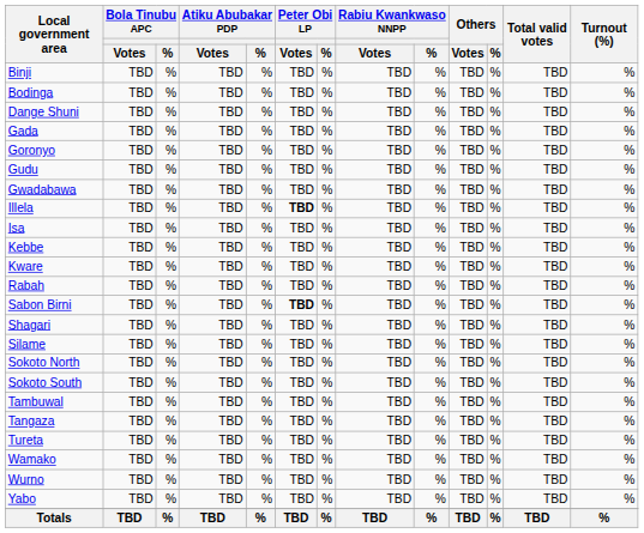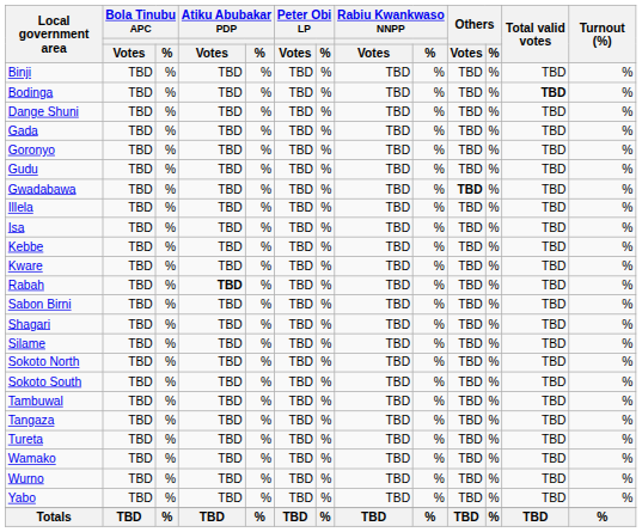 <table class="wikitable sortable" style="text-align:right; font-size:90%">
 <tr>
 <th rowspan="3" style="max-width:7.5em;">Local government area</th>
 <th colspan="2"><a href='#'>Bola Tinubu</a><br><small>APC</small></th>
 <th colspan="2"><a href='#'>Atiku Abubakar</a><br><small>PDP</small></th>
 <th colspan="2"><a href='#'>Peter Obi</a><br><small>LP</small></th>
 <th colspan="2"><a href='#'>Rabiu Kwankwaso</a><br><small>NNPP</small></th>
 <th colspan="2" rowspan="2">Others</th>
 <th rowspan="3" style="max-width:5em;">Total valid votes</th>
 <th rowspan="3" style="max-width:5em;">Turnout (%)</th>
 </tr>
 <tr>
 <th colspan=2 style="background-color:"></th>
 <th colspan=2 style="background-color:"></th>
 <th colspan=2 style="background-color:"></th>
 <th colspan=2 style="background-color:"></th>
 </tr>
 <tr>
 <th>Votes</th>
 <th>%</th>
 <th>Votes</th>
 <th>%</th>
 <th>Votes</th>
 <th>%</th>
 <th>Votes</th>
 <th>%</th>
 <th>Votes</th>
 <th>%</th>
 </tr>
 <tr style="background-color:#">
 <td style="text-align:left;"><a href='#'>Binji</a></td>
 <td>TBD</td>
 <td>%</td>
 <td>TBD</td>
 <td>%</td>
 <td>TBD</td>
 <td>%</td>
 <td>TBD</td>
 <td>%</td>
 <td>TBD</td>
 <td>%</td>
 <td>TBD</td>
 <td>%</td>
 </tr>
 <tr style="background-color:#">
 <td style="text-align:left;"><a href='#'>Bodinga</a></td>
 <td>TBD</td>
 <td>%</td>
 <td>TBD</td>
 <td>%</td>
 <td>TBD</td>
 <td>%</td>
 <td>TBD</td>
 <td>%</td>
 <td>TBD</td>
 <td>%</td>
-<td>TBD</td>
+<td><strong>TBD</strong></td>
 <td>%</td>
 </tr>
 <tr style="background-color:#">
 <td style="text-align:left;"><a href='#'>Dange Shuni</a></td>
 <td>TBD</td>
 <td>%</td>
 <td>TBD</td>
 <td>%</td>
 <td>TBD</td>
 <td>%</td>
 <td>TBD</td>
 <td>%</td>
 <td>TBD</td>
 <td>%</td>
 <td>TBD</td>
 <td>%</td>
 </tr>
 <tr style="background-color:#">
 <td style="text-align:left;"><a href='#'>Gada</a></td>
 <td>TBD</td>
 <td>%</td>
 <td>TBD</td>
 <td>%</td>
 <td>TBD</td>
 <td>%</td>
 <td>TBD</td>
 <td>%</td>
 <td>TBD</td>
 <td>%</td>
 <td>TBD</td>
 <td>%</td>
 </tr>
 <tr style="background-color:#">
 <td style="text-align:left;"><a href='#'>Goronyo</a></td>
 <td>TBD</td>
 <td>%</td>
 <td>TBD</td>
 <td>%</td>
 <td>TBD</td>
 <td>%</td>
 <td>TBD</td>
 <td>%</td>
 <td>TBD</td>
 <td>%</td>
 <td>TBD</td>
 <td>%</td>
 </tr>
 <tr style="background-color:#">
 <td style="text-align:left;"><a href='#'>Gudu</a></td>
 <td>TBD</td>
 <td>%</td>
 <td>TBD</td>
 <td>%</td>
 <td>TBD</td>
 <td>%</td>
 <td>TBD</td>
 <td>%</td>
 <td>TBD</td>
 <td>%</td>
 <td>TBD</td>
 <td>%</td>
 </tr>
 <tr style="background-color:#">
 <td style="text-align:left;"><a href='#'>Gwadabawa</a></td>
 <td>TBD</td>
 <td>%</td>
 <td>TBD</td>
 <td>%</td>
 <td>TBD</td>
 <td>%</td>
 <td>TBD</td>
 <td>%</td>
-<td>TBD</td>
+<td><strong>TBD</strong></td>
 <td>%</td>
 <td>TBD</td>
 <td>%</td>
 </tr>
 <tr style="background-color:#">
 <td style="text-align:left;"><a href='#'>Illela</a></td>
 <td>TBD</td>
 <td>%</td>
 <td>TBD</td>
 <td>%</td>
-<td><strong>TBD</strong></td>
+<td>TBD</td>
 <td>%</td>
 <td>TBD</td>
 <td>%</td>
 <td>TBD</td>
 <td>%</td>
 <td>TBD</td>
 <td>%</td>
 </tr>
 <tr style="background-color:#">
 <td style="text-align:left;"><a href='#'>Isa</a></td>
 <td>TBD</td>
 <td>%</td>
 <td>TBD</td>
 <td>%</td>
 <td>TBD</td>
 <td>%</td>
 <td>TBD</td>
 <td>%</td>
 <td>TBD</td>
 <td>%</td>
 <td>TBD</td>
 <td>%</td>
 </tr>
 <tr style="background-color:#">
 <td style="text-align:left;"><a href='#'>Kebbe</a></td>
 <td>TBD</td>
 <td>%</td>
 <td>TBD</td>
 <td>%</td>
 <td>TBD</td>
 <td>%</td>
 <td>TBD</td>
 <td>%</td>
 <td>TBD</td>
 <td>%</td>
 <td>TBD</td>
 <td>%</td>
 </tr>
 <tr style="background-color:#">
 <td style="text-align:left;"><a href='#'>Kware</a></td>
 <td>TBD</td>
 <td>%</td>
 <td>TBD</td>
 <td>%</td>
 <td>TBD</td>
 <td>%</td>
 <td>TBD</td>
 <td>%</td>
 <td>TBD</td>
 <td>%</td>
 <td>TBD</td>
 <td>%</td>
 </tr>
 <tr style="background-color:#">
 <td style="text-align:left;"><a href='#'>Rabah</a></td>
 <td>TBD</td>
 <td>%</td>
-<td>TBD</td>
+<td><strong>TBD</strong></td>
 <td>%</td>
 <td>TBD</td>
 <td>%</td>
 <td>TBD</td>
 <td>%</td>
 <td>TBD</td>
 <td>%</td>
 <td>TBD</td>
 <td>%</td>
 </tr>
 <tr style="background-color:#">
 <td style="text-align:left;"><a href='#'>Sabon Birni</a></td>
 <td>TBD</td>
 <td>%</td>
 <td>TBD</td>
 <td>%</td>
-<td><strong>TBD</strong></td>
+<td>TBD</td>
 <td>%</td>
 <td>TBD</td>
 <td>%</td>
 <td>TBD</td>
 <td>%</td>
 <td>TBD</td>
 <td>%</td>
 </tr>
 <tr style="background-color:#">
 <td style="text-align:left;"><a href='#'>Shagari</a></td>
 <td>TBD</td>
 <td>%</td>
 <td>TBD</td>
 <td>%</td>
 <td>TBD</td>
 <td>%</td>
 <td>TBD</td>
 <td>%</td>
 <td>TBD</td>
 <td>%</td>
 <td>TBD</td>
 <td>%</td>
 </tr>
 <tr style="background-color:#">
 <td style="text-align:left;"><a href='#'>Silame</a></td>
 <td>TBD</td>
 <td>%</td>
 <td>TBD</td>
 <td>%</td>
 <td>TBD</td>
 <td>%</td>
 <td>TBD</td>
 <td>%</td>
 <td>TBD</td>
 <td>%</td>
 <td>TBD</td>
 <td>%</td>
 </tr>
 <tr style="background-color:#">
 <td style="text-align:left;"><a href='#'>Sokoto North</a></td>
 <td>TBD</td>
 <td>%</td>
 <td>TBD</td>
 <td>%</td>
 <td>TBD</td>
 <td>%</td>
 <td>TBD</td>
 <td>%</td>
 <td>TBD</td>
 <td>%</td>
 <td>TBD</td>
 <td>%</td>
 </tr>
 <tr style="background-color:#">
 <td style="text-align:left;"><a href='#'>Sokoto South</a></td>
 <td>TBD</td>
 <td>%</td>
 <td>TBD</td>
 <td>%</td>
 <td>TBD</td>
 <td>%</td>
 <td>TBD</td>
 <td>%</td>
 <td>TBD</td>
 <td>%</td>
 <td>TBD</td>
 <td>%</td>
 </tr>
 <tr style="background-color:#">
 <td style="text-align:left;"><a href='#'>Tambuwal</a></td>
 <td>TBD</td>
 <td>%</td>
 <td>TBD</td>
 <td>%</td>
 <td>TBD</td>
 <td>%</td>
 <td>TBD</td>
 <td>%</td>
 <td>TBD</td>
 <td>%</td>
 <td>TBD</td>
 <td>%</td>
 </tr>
 <tr style="background-color:#">
 <td style="text-align:left;"><a href='#'>Tangaza</a></td>
 <td>TBD</td>
 <td>%</td>
 <td>TBD</td>
 <td>%</td>
 <td>TBD</td>
 <td>%</td>
 <td>TBD</td>
 <td>%</td>
 <td>TBD</td>
 <td>%</td>
 <td>TBD</td>
 <td>%</td>
 </tr>
 <tr style="background-color:#">
 <td style="text-align:left;"><a href='#'>Tureta</a></td>
 <td>TBD</td>
 <td>%</td>
 <td>TBD</td>
 <td>%</td>
 <td>TBD</td>
 <td>%</td>
 <td>TBD</td>
 <td>%</td>
 <td>TBD</td>
 <td>%</td>
 <td>TBD</td>
 <td>%</td>
 </tr>
 <tr style="background-color:#">
 <td style="text-align:left;"><a href='#'>Wamako</a></td>
 <td>TBD</td>
 <td>%</td>
 <td>TBD</td>
 <td>%</td>
 <td>TBD</td>
 <td>%</td>
 <td>TBD</td>
 <td>%</td>
 <td>TBD</td>
 <td>%</td>
 <td>TBD</td>
 <td>%</td>
 </tr>
 <tr style="background-color:#">
 <td style="text-align:left;"><a href='#'>Wurno</a></td>
 <td>TBD</td>
 <td>%</td>
 <td>TBD</td>
 <td>%</td>
 <td>TBD</td>
 <td>%</td>
 <td>TBD</td>
 <td>%</td>
 <td>TBD</td>
 <td>%</td>
 <td>TBD</td>
 <td>%</td>
 </tr>
 <tr style="background-color:#">
 <td style="text-align:left;"><a href='#'>Yabo</a></td>
 <td>TBD</td>
 <td>%</td>
 <td>TBD</td>
 <td>%</td>
 <td>TBD</td>
 <td>%</td>
 <td>TBD</td>
 <td>%</td>
 <td>TBD</td>
 <td>%</td>
 <td>TBD</td>
 <td>%</td>
 </tr>
 <tr>
 </tr>
 <tr>
 <th>Totals</th>
 <th>TBD</th>
 <th>%</th>
 <th>TBD</th>
 <th>%</th>
 <th>TBD</th>
 <th>%</th>
 <th>TBD</th>
 <th>%</th>
 <th>TBD</th>
 <th>%</th>
 <th>TBD</th>
 <th>%</th>
 </tr>
 </table>
